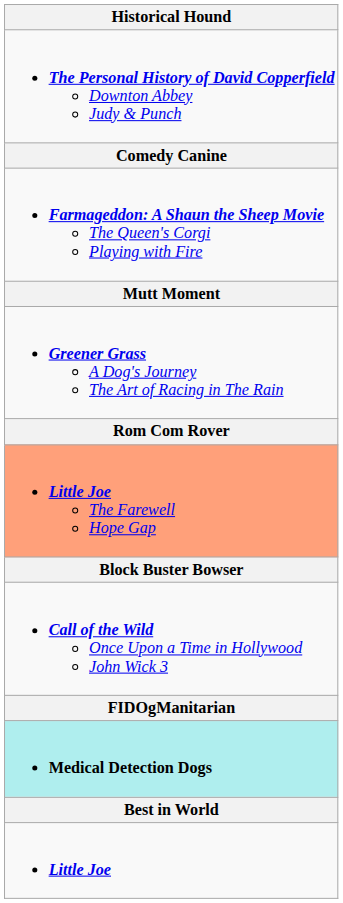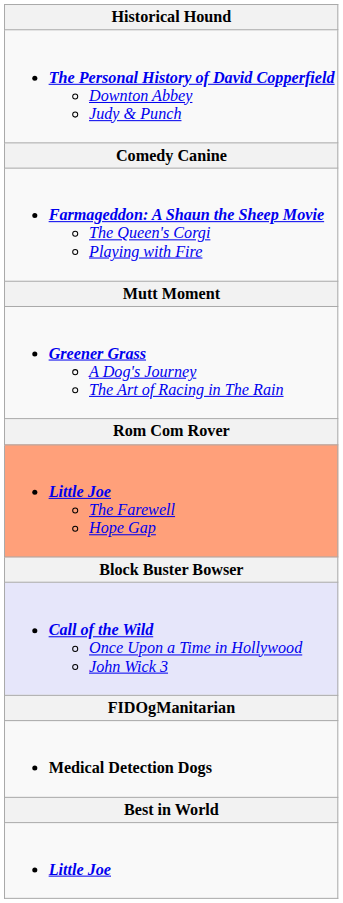 <table class="wikitable">
 <tr>
 <th><strong>Historical Hound</strong></th>
 </tr>
 <tr>
 <td><br><ul><li><strong><em><a href='#'>The Personal History of David Copperfield</a></em></strong><ul><li><a href='#'><em>Downton Abbey</em></a></li><li><a href='#'><em>Judy & Punch</em></a></li></ul></li></ul></td>
 </tr>
 <tr>
 <th>Comedy Canine</th>
 </tr>
 <tr>
 <td><br><ul><li><strong><a href='#'><em>Farmageddon: A Shaun the Sheep Movie</em></a></strong><ul><li><em><a href='#'>The Queen's Corgi</a></em></li><li><a href='#'><em>Playing with Fire</em></a></li></ul></li></ul></td>
 </tr>
 <tr>
 <th>Mutt Moment</th>
 </tr>
 <tr>
 <td><br><ul><li><strong><em><a href='#'>Greener Grass</a></em></strong><ul><li><a href='#'><em>A Dog's Journey</em></a></li><li><a href='#'><em>The Art of Racing in The Rain</em></a></li></ul></li></ul></td>
 </tr>
 <tr>
 <th>Rom Com Rover</th>
 </tr>
 <tr>
 <td style="background: lightsalmon;"><br><ul><li><a href='#'><strong><em>Little Joe</em></strong></a><ul><li><a href='#'><em>The Farewell</em></a></li><li><em><a href='#'>Hope Gap</a></em></li></ul></li></ul></td>
 </tr>
 <tr>
 <th>Block Buster Bowser</th>
 </tr>
 <tr>
-<td><br><ul><li><a href='#'><strong><em>Call of the Wild</em></strong></a><ul><li><em><a href='#'>Once Upon a Time in Hollywood</a></em></li><li><a href='#'><em>John Wick 3</em></a></li></ul></li></ul></td>
+<td style="background: lavender;"><br><ul><li><a href='#'><strong><em>Call of the Wild</em></strong></a><ul><li><em><a href='#'>Once Upon a Time in Hollywood</a></em></li><li><a href='#'><em>John Wick 3</em></a></li></ul></li></ul></td>
 </tr>
 <tr>
 <th>FIDOgManitarian</th>
 </tr>
 <tr>
-<td style="background: paleturquoise;"><br><ul><li><strong>Medical Detection Dogs</strong></li></ul></td>
+<td><br><ul><li><strong>Medical Detection Dogs</strong></li></ul></td>
 </tr>
 <tr>
 <th>Best in World</th>
 </tr>
 <tr>
 <td><br><ul><li><strong><a href='#'><em>Little Joe</em></a></strong></li></ul></td>
 </tr>
 </table>
